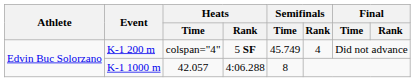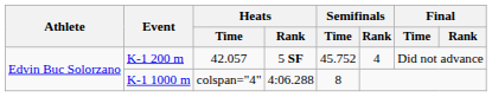 <table class=wikitable style="font-size:90%;">
 <tr>
 <th rowspan="2">Athlete</th>
 <th rowspan="2">Event</th>
 <th colspan=2>Heats</th>
 <th colspan=2>Semifinals</th>
 <th colspan=2>Final</th>
 </tr>
 <tr style="font-size:95%">
 <th>Time</th>
 <th>Rank</th>
 <th>Time</th>
 <th>Rank</th>
 <th>Time</th>
 <th>Rank</th>
 </tr>
 <tr align=center>
 <td align=left rowspan="2"><a href='#'>Edvin Buc Solorzano</a></td>
 <td align=left><a href='#'>K-1 200 m</a></td>
-<td>colspan="4" </td>
+<td>42.057</td>
 <td>5 <strong>SF</strong></td>
-<td>45.749</td>
+<td>45.752</td>
 <td>4</td>
 <td colspan="2">Did not advance</td>
 </tr>
 <tr align=center>
 <td align=left><a href='#'>K-1 1000 m</a></td>
-<td>42.057</td>
+<td>colspan="4" </td>
 <td>4:06.288</td>
 <td>8</td>
 </tr>
 </table>
